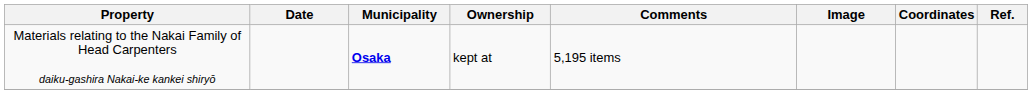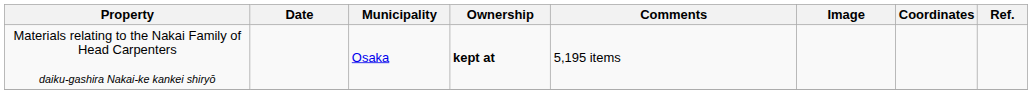 <table class="wikitable sortable"  style="width:100%;">
 <tr>
 <th width="25%" align="left">Property</th>
 <th width="10%" align="left">Date</th>
 <th width="10%" align="left">Municipality</th>
 <th width="10%" align="left">Ownership</th>
 <th width="25%" align="left" class="unsortable">Comments</th>
 <th width="10%" align="left" class="unsortable">Image</th>
 <th width="5%" align="left" class="unsortable">Coordinates</th>
 <th width="5%" align="left" class="unsortable">Ref.</th>
 </tr>
 <tr>
 <td align="center">Materials relating to the Nakai Family of Head Carpenters<br><br><small><em>daiku-gashira Nakai-ke kankei shiryō</em></small></td>
 <td></td>
-<td><strong><a href='#'>Osaka</a></strong></td>
-<td>kept at </td>
+<td><a href='#'>Osaka</a></td>
+<td><strong>kept at </strong></td>
 <td>5,195 items</td>
 <td></td>
 <td></td>
 <td></td>
 </tr>
 <tr>
 </tr>
 </table>
